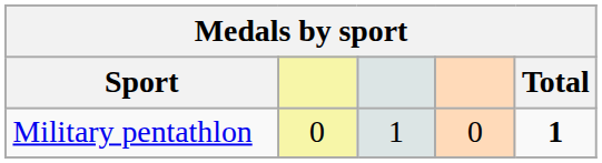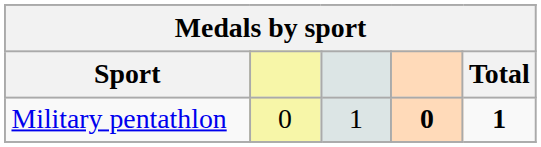 <table class="wikitable" style="font-size:90%; text-align:center;">
 <tr>
 <th colspan="5">Medals by sport</th>
 </tr>
 <tr>
 <th width="120">Sport</th>
 <th scope="col" width="30" style="background:#F7F6A8;"></th>
 <th scope="col" width="30" style="background:#DCE5E5;"></th>
 <th scope="col" width="30" style="background:#FFDAB9;"></th>
 <th width="30">Total</th>
 </tr>
 <tr>
 <td align="left"><a href='#'>Military pentathlon</a></td>
 <td style="background:#F7F6A8;">0</td>
 <td style="background:#DCE5E5;">1</td>
-<td style="background:#FFDAB9;">0</td>
+<td style="background:#FFDAB9;"><strong>0</strong></td>
 <td><strong>1</strong></td>
 </tr>
 </table>
